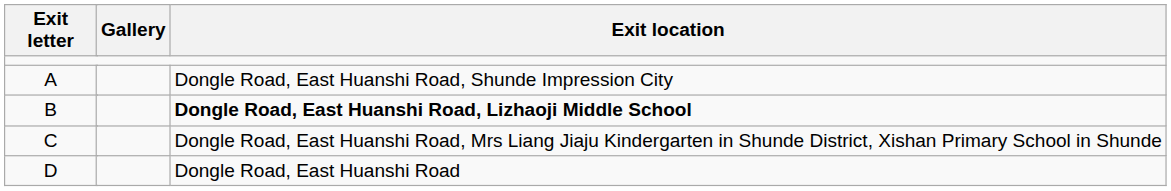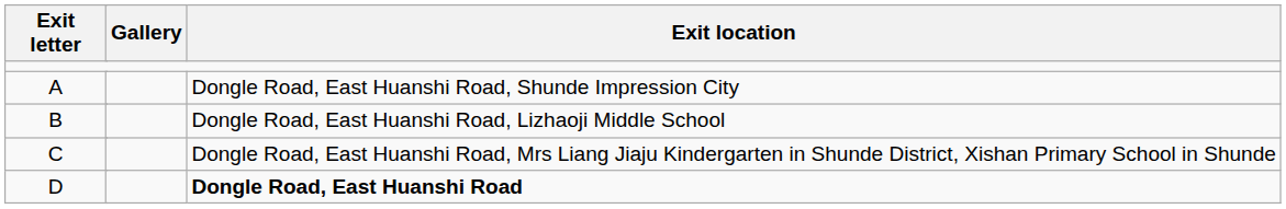 <table class="wikitable">
 <tr>
 <th colspan=2 style="width:70px">Exit letter</th>
 <th>Gallery</th>
 <th>Exit location</th>
 </tr>
 <tr style="background:#">
 <td colspan="4"></td>
 </tr>
 <tr>
 <td colspan=2 align=center>A</td>
 <td></td>
 <td>Dongle Road, East Huanshi Road, Shunde Impression City</td>
 </tr>
 <tr>
 <td colspan=2 align=center>B</td>
 <td></td>
-<td><strong>Dongle Road, East Huanshi Road, Lizhaoji Middle School</strong></td>
+<td>Dongle Road, East Huanshi Road, Lizhaoji Middle School</td>
 </tr>
 <tr>
 <td colspan=2 align=center>C</td>
 <td></td>
 <td>Dongle Road, East Huanshi Road, Mrs Liang Jiaju Kindergarten in Shunde District, Xishan Primary School in Shunde</td>
 </tr>
 <tr>
 <td colspan=2 align=center>D</td>
 <td></td>
-<td>Dongle Road, East Huanshi Road</td>
+<td><strong>Dongle Road, East Huanshi Road</strong></td>
 </tr>
 </table>
